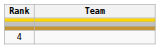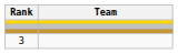 <table class="wikitable" style="text-align:center;">
 <tr>
 <th width=40>Rank</th>
 <th width=180>Team</th>
 </tr>
 <tr bgcolor="gold">
 <td></td>
 <td style="text-align:left;"></td>
 </tr>
 <tr bgcolor="silver">
 <td></td>
 <td style="text-align:left;"></td>
 </tr>
 <tr bgcolor="#C69633">
 <td></td>
 <td style="text-align:left;"></td>
 </tr>
 <tr>
-<td>4</td>
+<td>3</td>
 <td style="text-align:left;"></td>
 </tr>
 </table>
